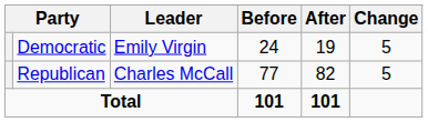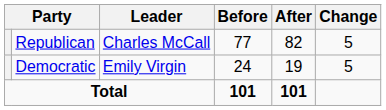 <table class="wikitable" style="text-align:center;">
 <tr>
 </tr>
 <tr>
 <th colspan=2>Party</th>
 <th>Leader</th>
 <th>Before</th>
 <th>After</th>
 <th>Change</th>
 </tr>
 <tr>
 <th style="background-color:"></th>
+<td style="text-align:left;"><a href='#'>Republican</a></td>
+<td style="text-align:left;"><a href='#'>Charles McCall</a></td>
+<td>77</td>
+<td>82</td>
+<td> 5</td>
+</tr>
+<tr>
+<th style="background-color:"></th>
 <td style="text-align:left;"><a href='#'>Democratic</a></td>
 <td style="text-align:left;"><a href='#'>Emily Virgin</a></td>
 <td>24</td>
 <td>19</td>
-<td> 5</td>
-</tr>
-<tr>
-<th style="background-color:"></th>
-<td style="text-align:left;"><a href='#'>Republican</a></td>
-<td style="text-align:left;"><a href='#'>Charles McCall</a></td>
-<td>77</td>
-<td>82</td>
 <td> 5</td>
 </tr>
 <tr>
 <td colspan=3><strong>Total</strong></td>
 <td><strong>101</strong></td>
 <td><strong>101</strong></td>
 <td></td>
 </tr>
 </table>
